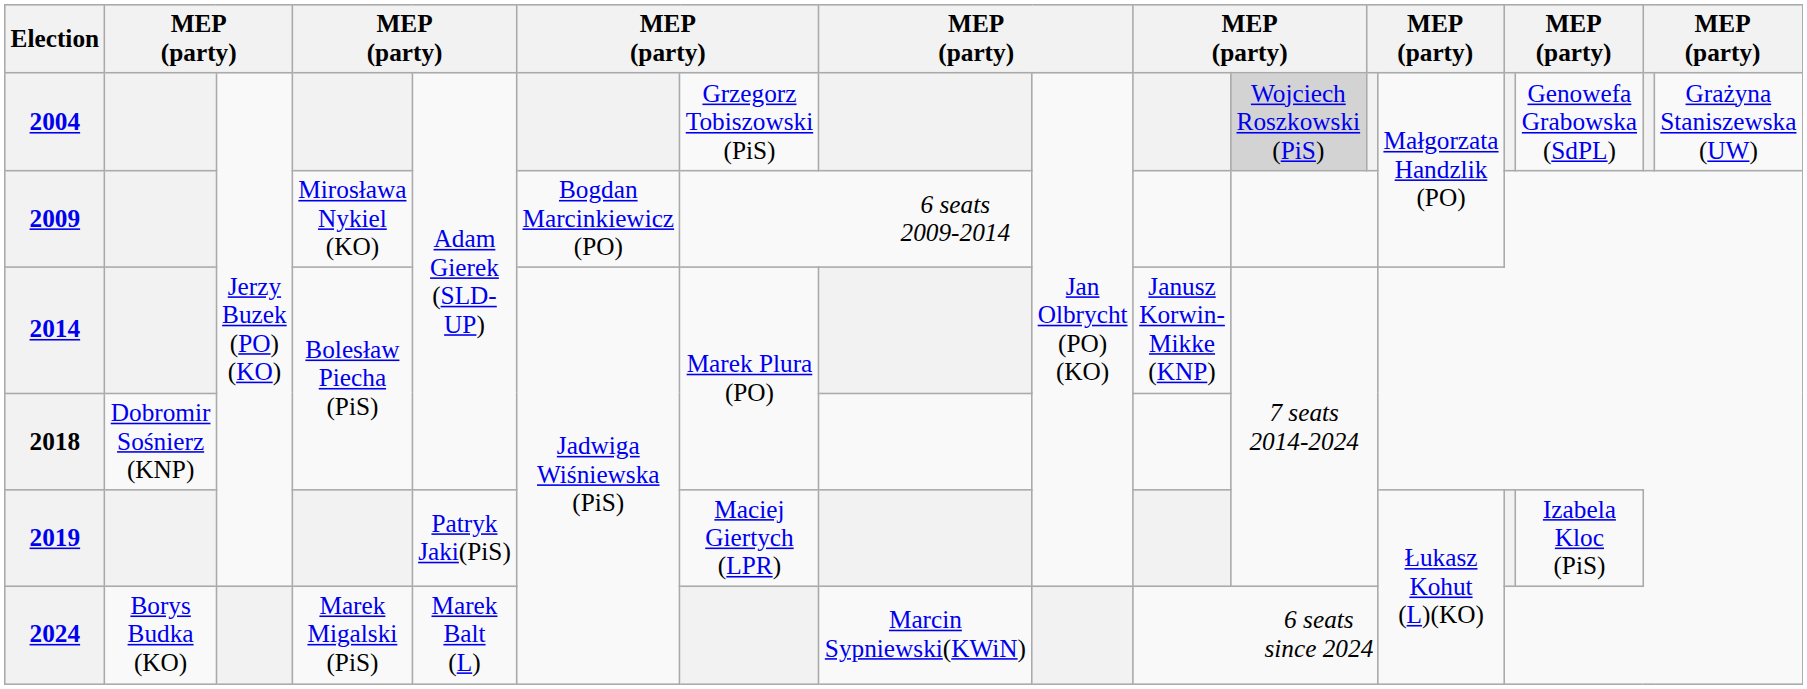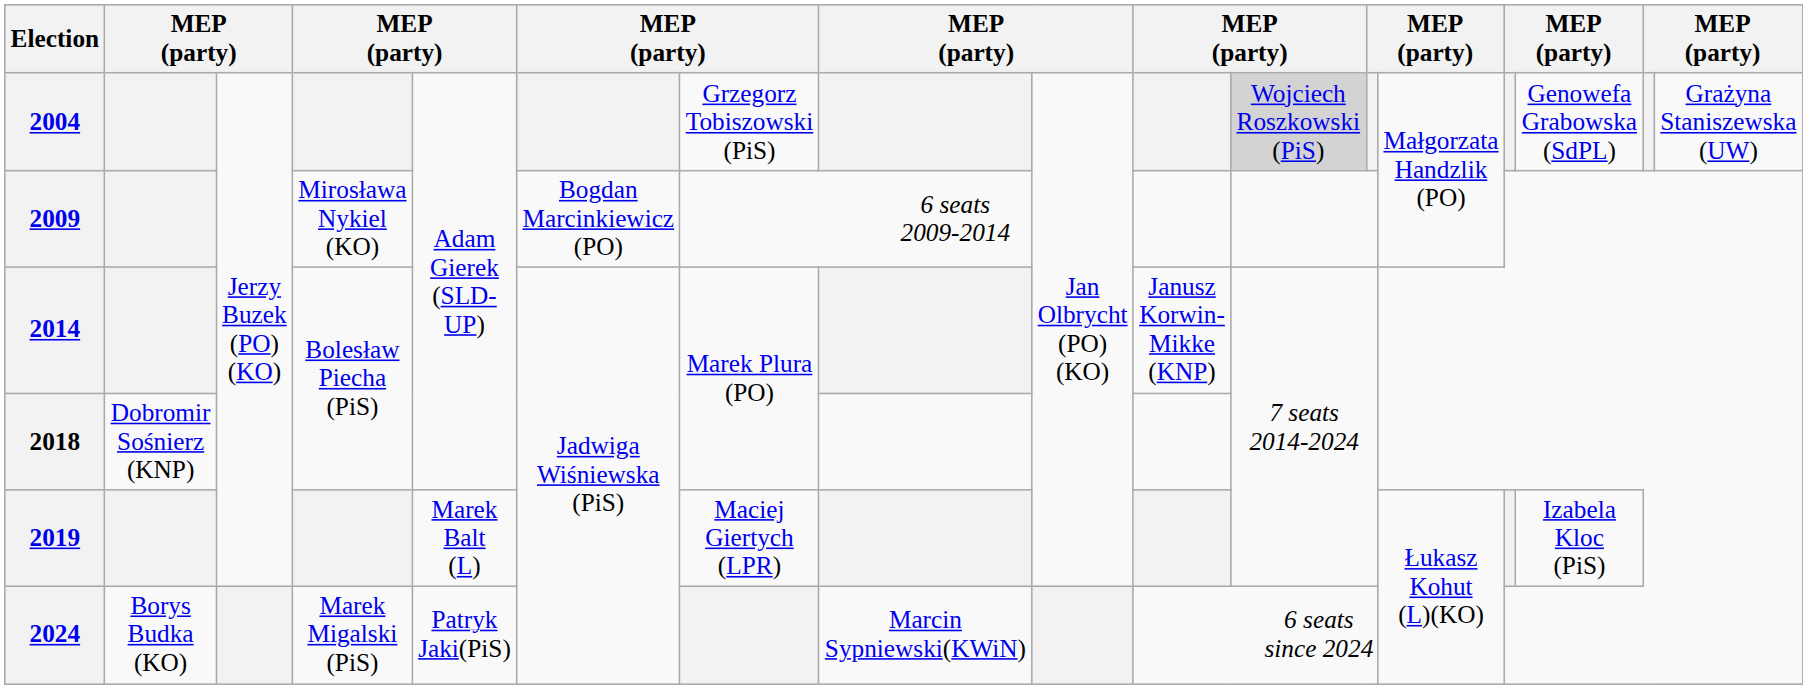 <table class= "wikitable" style= "text-align:center">
 <tr>
 <th>Election</th>
 <th colspan=2>MEP<br>(party)</th>
 <th colspan=2>MEP<br>(party)</th>
 <th colspan=2>MEP<br>(party)</th>
 <th colspan=2>MEP<br>(party)</th>
 <th colspan=2>MEP<br>(party)</th>
 <th colspan=2>MEP<br>(party)</th>
 <th colspan=2>MEP<br>(party)</th>
 <th colspan=2>MEP<br>(party)</th>
 </tr>
 <tr>
 <th><a href='#'>2004</a></th>
 <th style="background-color: "></th>
 <td rowspan=5><a href='#'>Jerzy Buzek</a><br>(<a href='#'>PO</a>)<br>(<a href='#'>KO</a>)</td>
 <th style="background-color: "></th>
 <td rowspan=4><a href='#'>Adam Gierek</a><br>(<a href='#'>SLD-UP</a>)</td>
 <th style="background-color: "></th>
 <td rowspan=1><a href='#'>Grzegorz Tobiszowski</a><br>(PiS)</td>
 <th style="background-color: "></th>
 <td rowspan=5><a href='#'>Jan Olbrycht</a><br>(PO)<br>(KO)</td>
 <th style="background-color: "></th>
 <td rowspan=1 style="background: lightgrey;"><a href='#'>Wojciech Roszkowski</a><br>(<a href='#'>PiS</a>)</td>
 <th style="background-color: "></th>
 <td rowspan=2><a href='#'>Małgorzata Handzlik</a><br>(PO)</td>
 <th style="background-color: "></th>
 <td rowspan=1><a href='#'>Genowefa Grabowska</a><br>(<a href='#'>SdPL</a>)</td>
 <th style="background-color: "></th>
 <td rowspan=1><a href='#'>Grażyna Staniszewska</a><br>(<a href='#'>UW</a>)</td>
 </tr>
 <tr>
 <th><a href='#'>2009</a></th>
 <th style="background-color: "></th>
 <td><a href='#'>Mirosława Nykiel</a> (KO)</td>
 <td rowspan=1><a href='#'>Bogdan Marcinkiewicz</a><br>(PO)</td>
 <td colspan=4 rowspan=1><em>6 seats<br>2009-2014</em></td>
 </tr>
 <tr>
 <th><a href='#'>2014</a></th>
 <th style="background-color: "></th>
 <td rowspan=2><a href='#'>Bolesław Piecha</a><br>(PiS)</td>
 <td rowspan=4><a href='#'>Jadwiga Wiśniewska</a><br>(PiS)</td>
 <td rowspan=2><a href='#'>Marek Plura</a><br>(PO)</td>
 <th style="background-color: "></th>
 <td rowspan=1><a href='#'>Janusz Korwin-Mikke</a><br>(<a href='#'>KNP</a>)</td>
 <td colspan=2 rowspan=3><em>7 seats<br>2014-2024</em></td>
 </tr>
 <tr>
 <th>2018</th>
 <td rowspan=1><a href='#'>Dobromir Sośnierz</a><br>(KNP)</td>
 </tr>
 <tr>
 <th><a href='#'>2019</a></th>
 <th style="background-color: "></th>
 <th style="background-color: "></th>
-<td><a href='#'>Patryk Jaki</a>(PiS)</td>
+<td rowspan=1><a href='#'>Marek Balt</a><br>(<a href='#'>L</a>)</td>
 <td rowspan=1><a href='#'>Maciej Giertych</a><br>(<a href='#'>LPR</a>)</td>
 <th style="background-color: "></th>
 <th style="background-color: "></th>
 <td rowspan=2><a href='#'>Łukasz Kohut</a><br>(<a href='#'>L</a>)(KO)</td>
 <th style="background-color: "></th>
 <td rowspan=1><a href='#'>Izabela Kloc</a><br>(PiS)</td>
 </tr>
 <tr>
 <th><a href='#'>2024</a></th>
 <td><a href='#'>Borys Budka</a> (KO)</td>
 <th style="background-color: "></th>
 <td rowspan=1><a href='#'>Marek Migalski</a><br>(PiS)</td>
-<td rowspan=1><a href='#'>Marek Balt</a><br>(<a href='#'>L</a>)</td>
+<td><a href='#'>Patryk Jaki</a>(PiS)</td>
 <th style="background-color: "></th>
 <td><a href='#'>Marcin Sypniewski</a>(<a href='#'>KWiN</a>)</td>
 <th style="background-color: "></th>
 <td colspan=4><em>6 seats<br>since 2024</em></td>
 </tr>
 </table>
